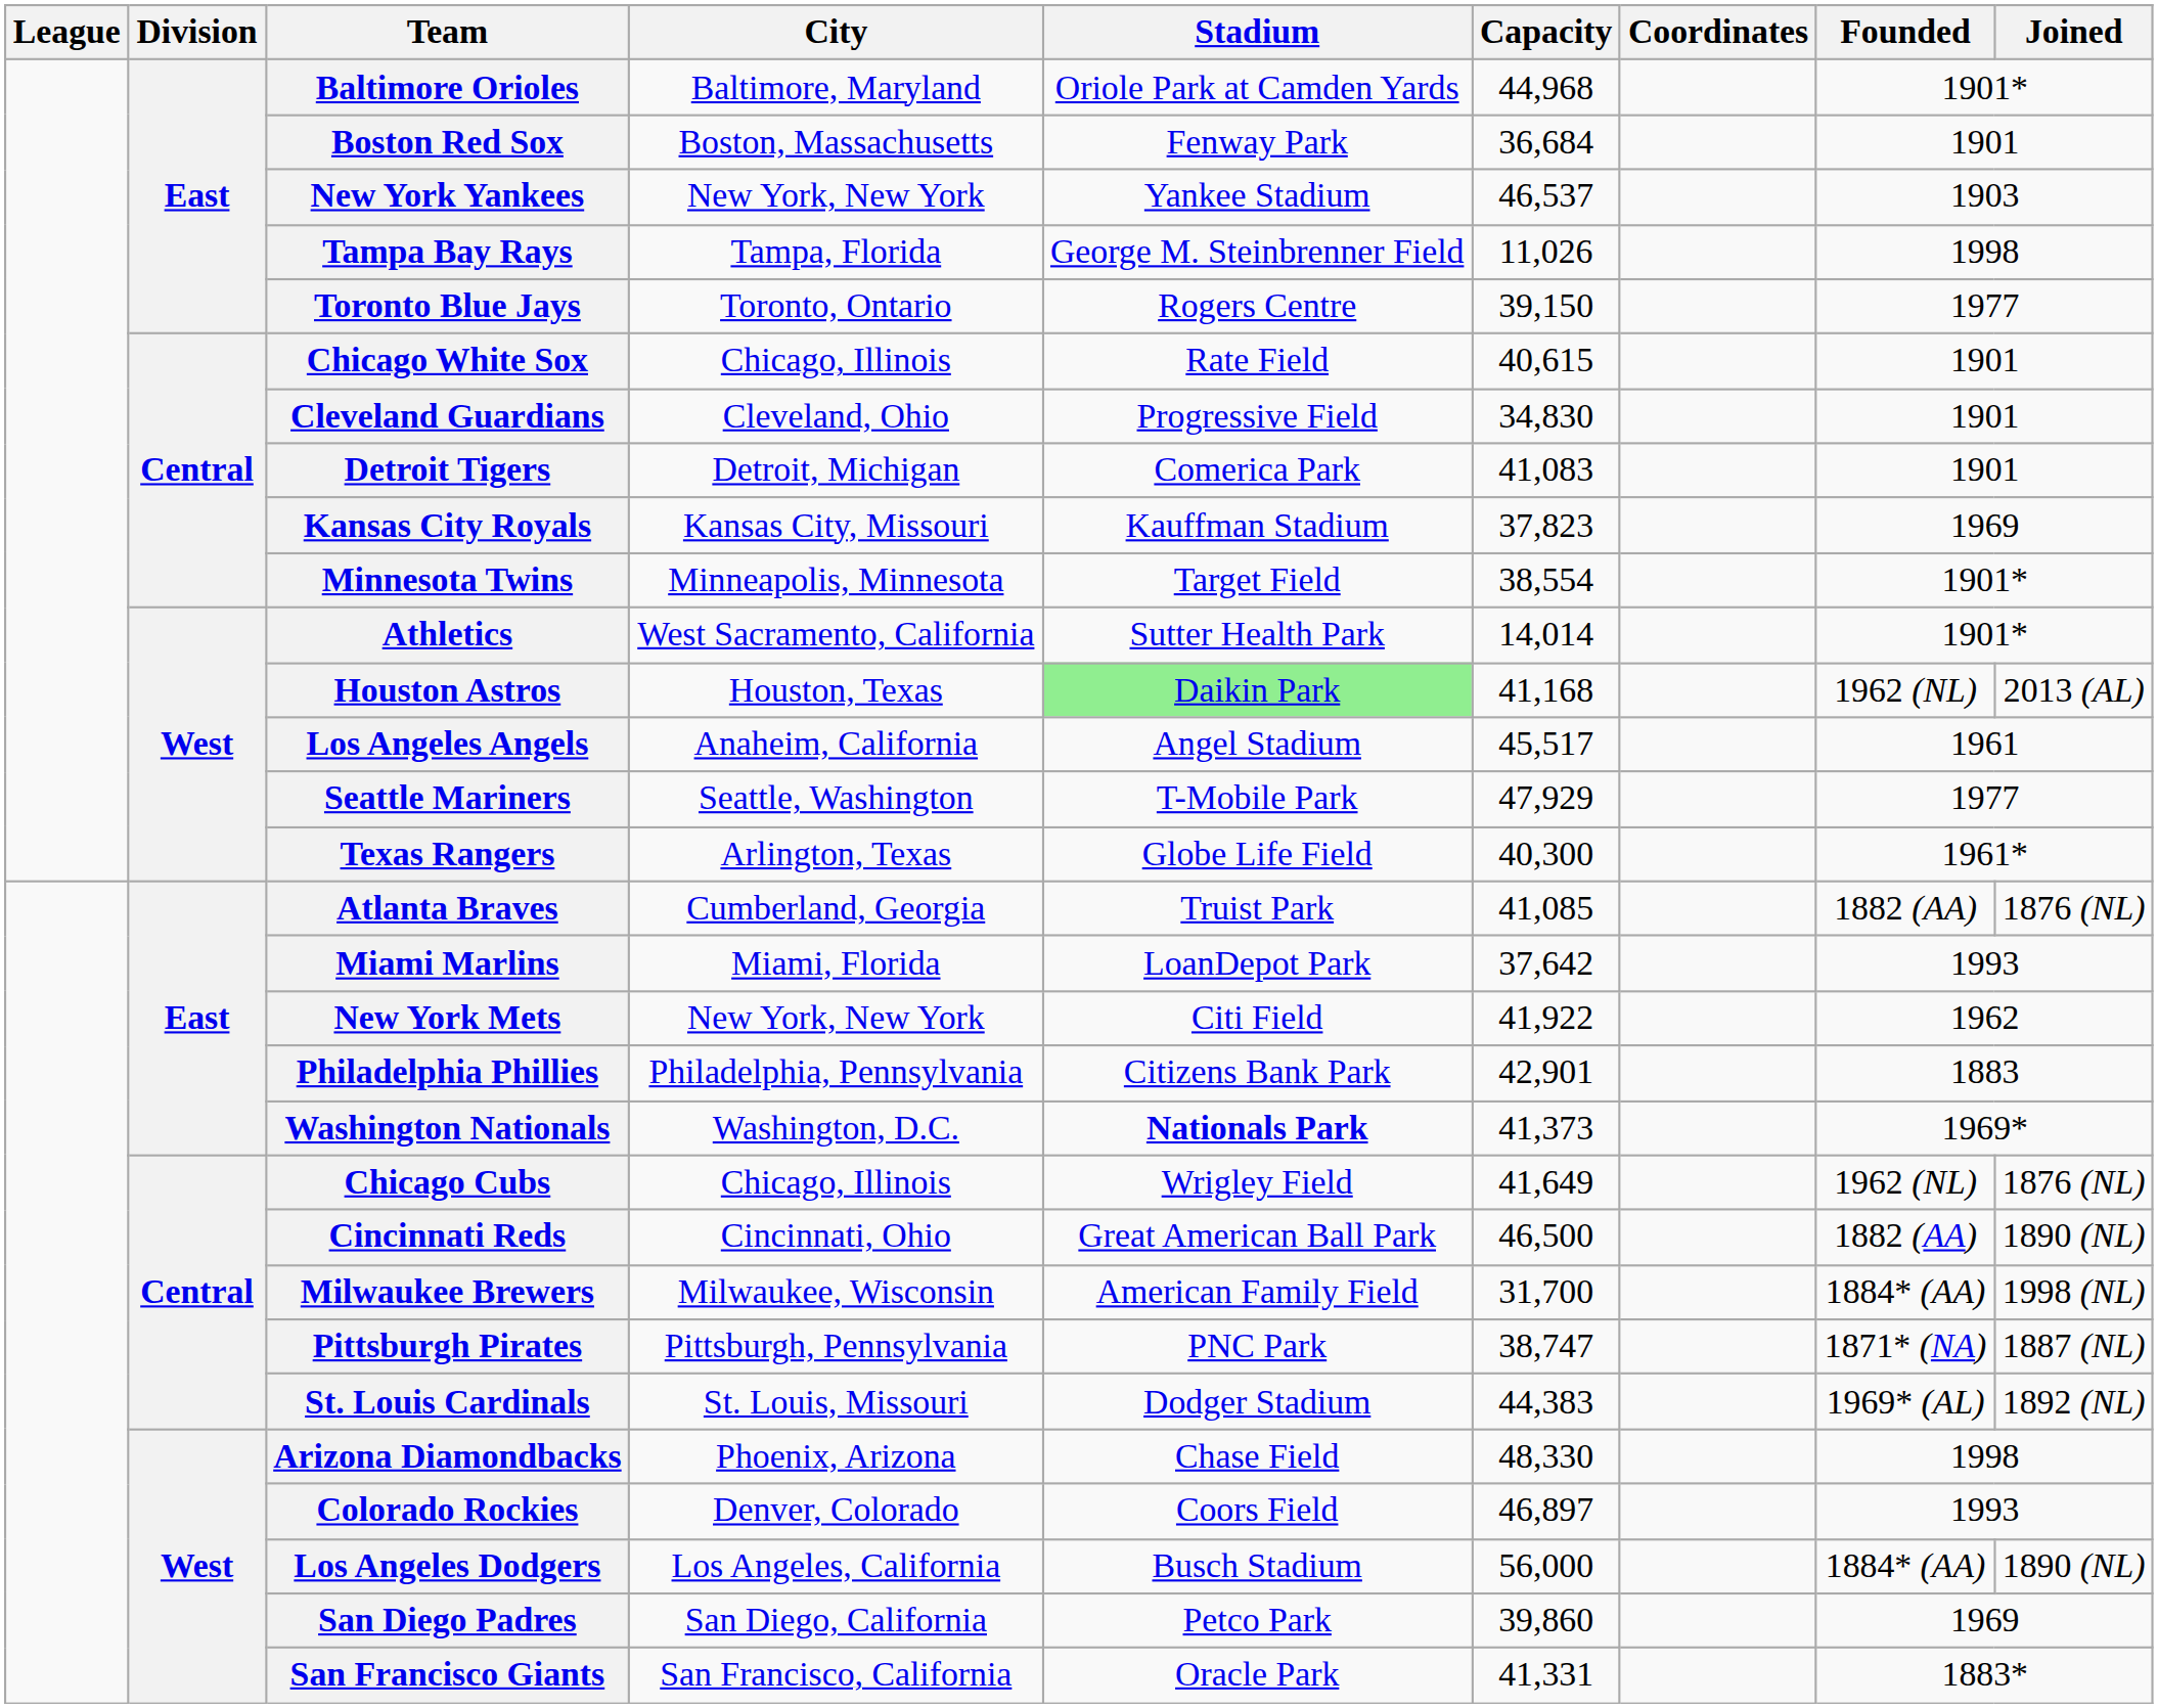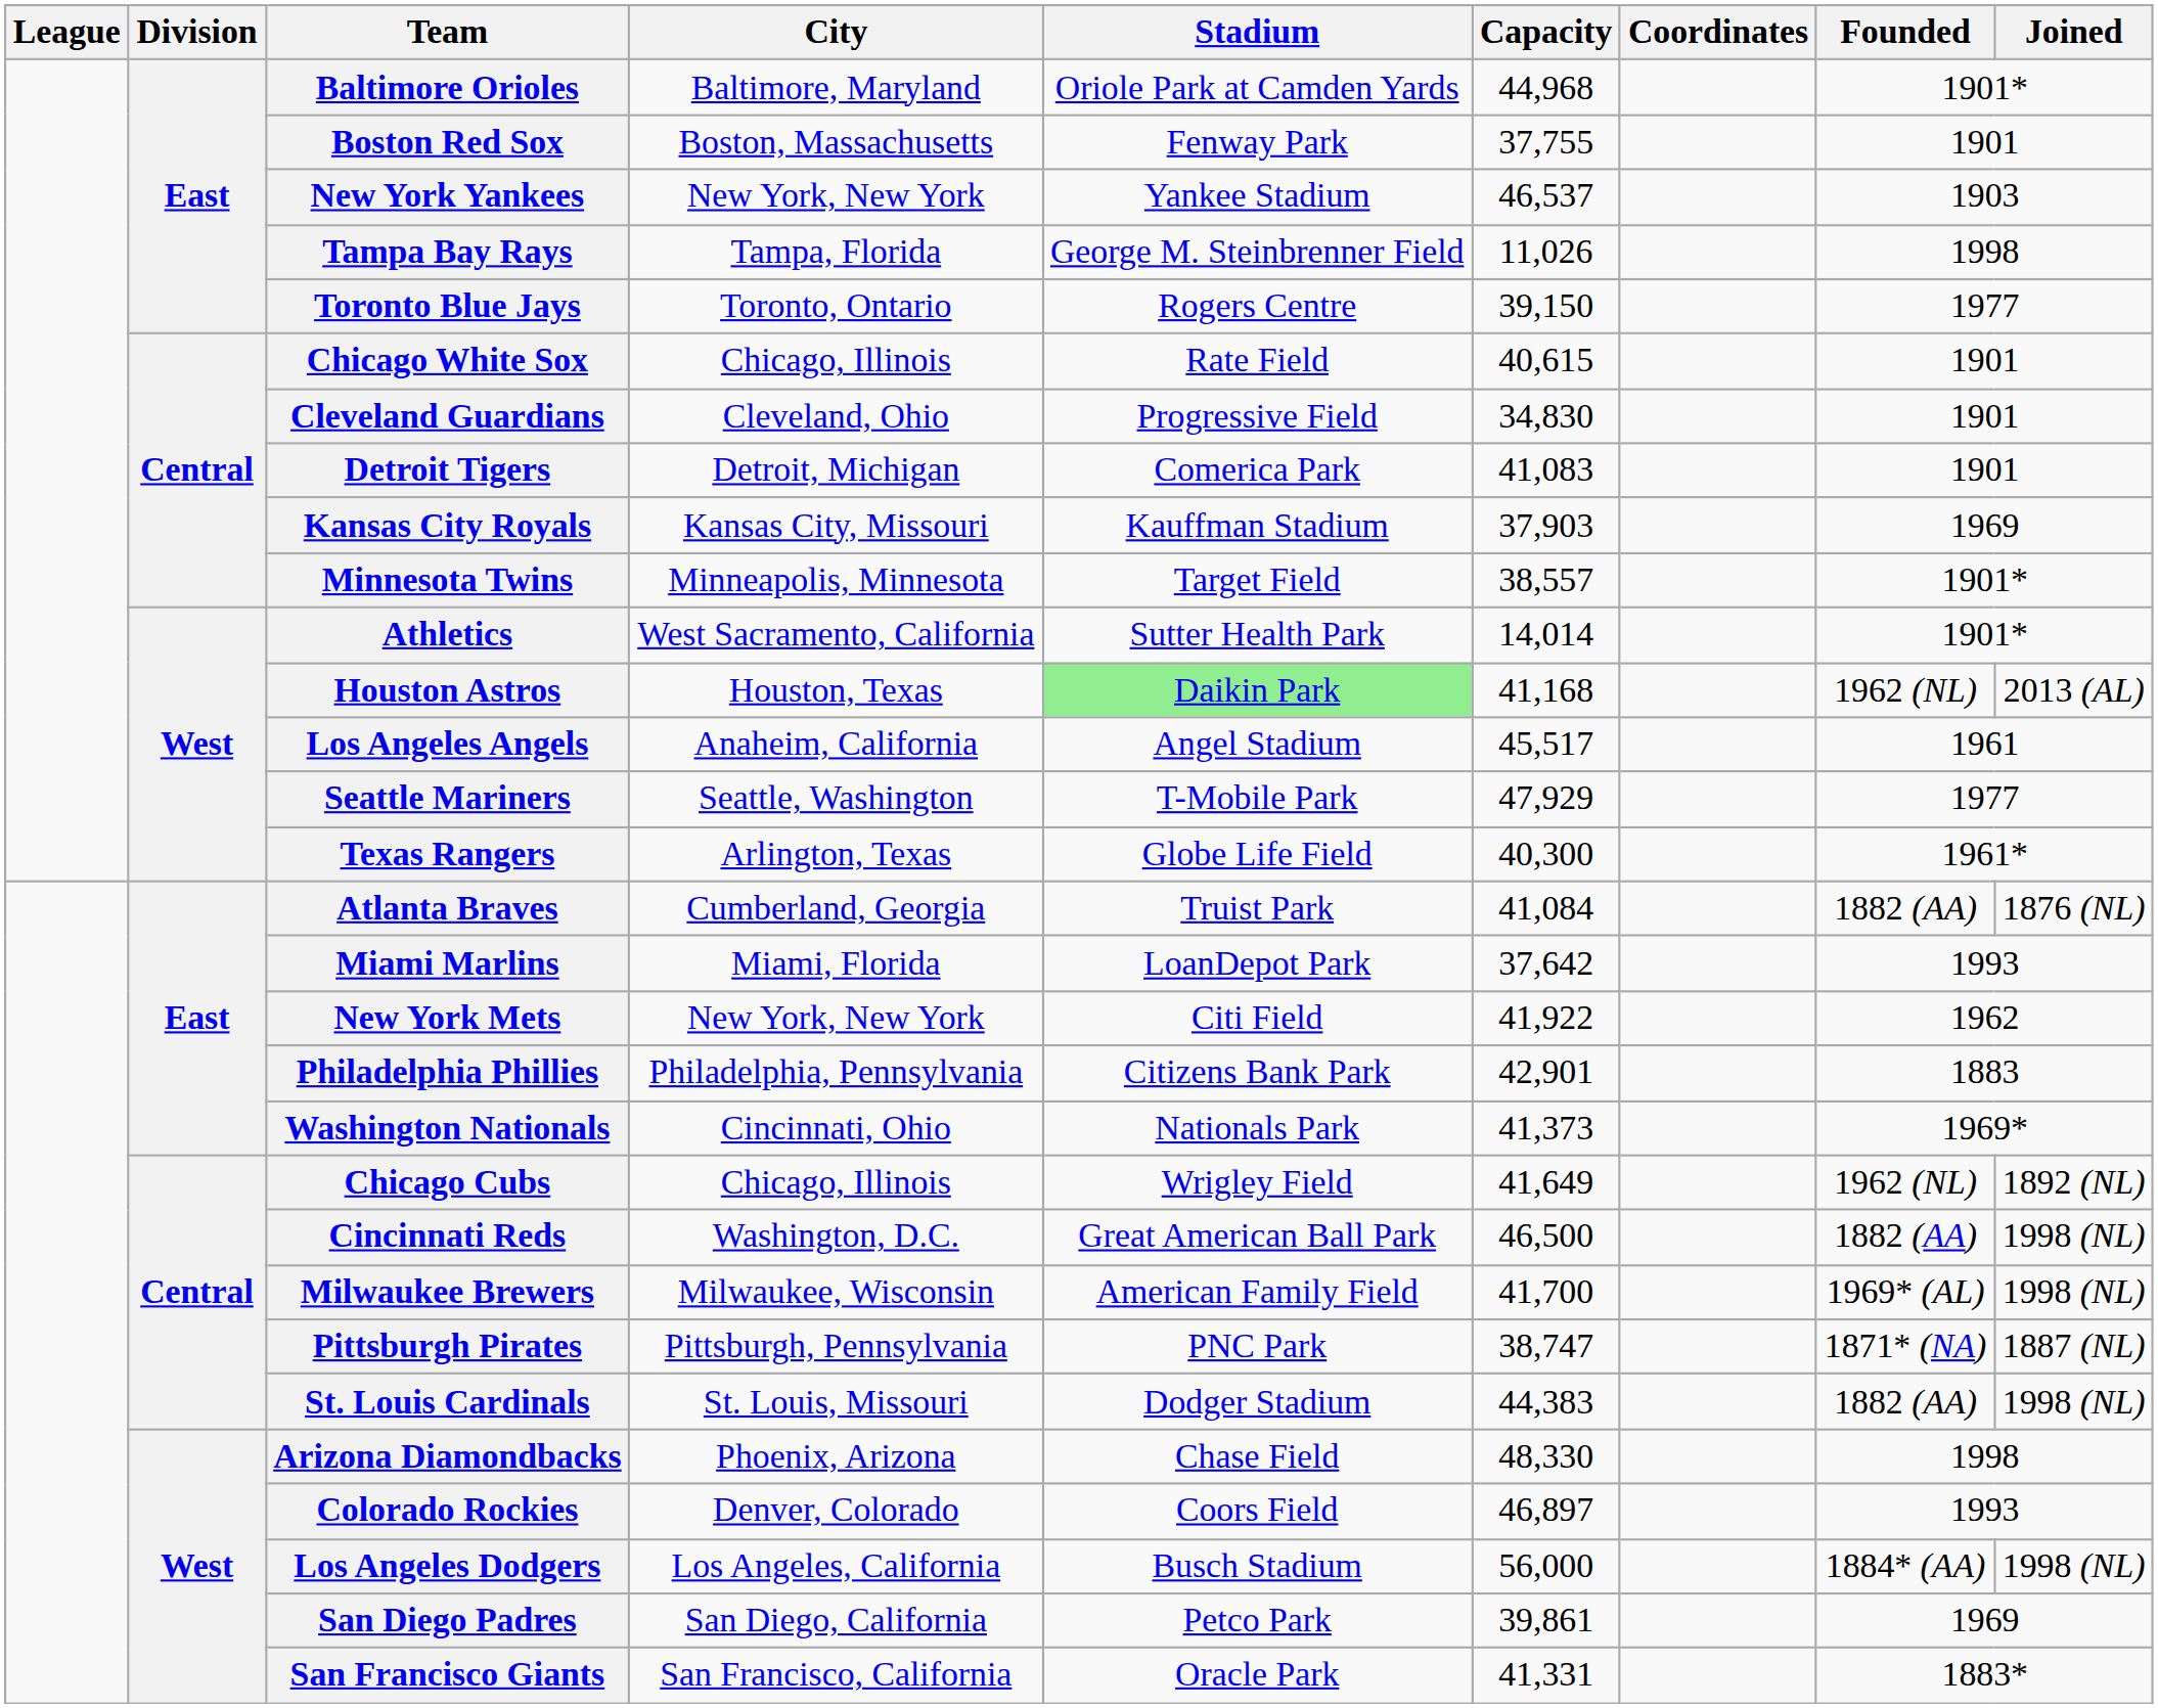 <table class="wikitable sortable plainrowheaders" style="text-align:center;">
 <tr>
 <th scope="col">League</th>
 <th scope="col">Division</th>
 <th scope="col">Team</th>
 <th scope="col">City</th>
 <th scope="col"><a href='#'>Stadium</a></th>
 <th scope="col">Capacity</th>
 <th scope="col">Coordinates</th>
 <th scope="col">Founded</th>
 <th scope="col">Joined</th>
 </tr>
 <tr>
 <td rowspan="15"><strong></strong></td>
 <th rowspan="5"><a href='#'>East</a></th>
 <th scope="row"><a href='#'>Baltimore Orioles</a></th>
 <td><a href='#'>Baltimore, Maryland</a></td>
 <td><a href='#'>Oriole Park at Camden Yards</a></td>
 <td align=center>44,968</td>
 <td></td>
 <td style="text-align:center;" colspan="2">1901*</td>
 </tr>
 <tr>
 <th scope="row"><a href='#'>Boston Red Sox</a></th>
 <td><a href='#'>Boston, Massachusetts</a></td>
 <td><a href='#'>Fenway Park</a></td>
-<td align=center>36,684</td>
+<td align=center>37,755</td>
 <td></td>
 <td style="text-align:center;" colspan="2">1901</td>
 </tr>
 <tr>
 <th scope="row"><a href='#'>New York Yankees</a></th>
 <td><a href='#'>New York, New York</a></td>
 <td><a href='#'>Yankee Stadium</a></td>
 <td align=center>46,537</td>
 <td></td>
 <td style="text-align:center;" colspan="2">1903</td>
 </tr>
 <tr>
 <th scope="row"><a href='#'>Tampa Bay Rays</a></th>
 <td><a href='#'>Tampa, Florida</a></td>
 <td><a href='#'>George M. Steinbrenner Field</a></td>
 <td align=center>11,026</td>
 <td></td>
 <td style="text-align:center;" colspan="2">1998</td>
 </tr>
 <tr>
 <th scope="row"><a href='#'>Toronto Blue Jays</a></th>
 <td><a href='#'>Toronto, Ontario</a></td>
 <td><a href='#'>Rogers Centre</a></td>
 <td align=center>39,150</td>
 <td></td>
 <td style="text-align:center;" colspan="2">1977</td>
 </tr>
 <tr>
 <th rowspan="5"><a href='#'>Central</a></th>
 <th scope="row"><a href='#'>Chicago White Sox</a></th>
 <td><a href='#'>Chicago, Illinois</a></td>
 <td><a href='#'>Rate Field</a></td>
 <td align=center>40,615</td>
 <td></td>
 <td style="text-align:center;" colspan="2">1901</td>
 </tr>
 <tr>
 <th scope="row"><a href='#'>Cleveland Guardians</a></th>
 <td><a href='#'>Cleveland, Ohio</a></td>
 <td><a href='#'>Progressive Field</a></td>
 <td align=center>34,830</td>
 <td></td>
 <td style="text-align:center;" colspan="2">1901</td>
 </tr>
 <tr>
 <th scope="row"><a href='#'>Detroit Tigers</a></th>
 <td><a href='#'>Detroit, Michigan</a></td>
 <td><a href='#'>Comerica Park</a></td>
 <td align=center>41,083</td>
 <td></td>
 <td style="text-align:center;" colspan="2">1901</td>
 </tr>
 <tr>
 <th scope="row"><a href='#'>Kansas City Royals</a></th>
 <td><a href='#'>Kansas City, Missouri</a></td>
 <td><a href='#'>Kauffman Stadium</a></td>
-<td align=center>37,823</td>
+<td align=center>37,903</td>
 <td></td>
 <td style="text-align:center;" colspan="2">1969</td>
 </tr>
 <tr>
 <th scope="row"><a href='#'>Minnesota Twins</a></th>
 <td><a href='#'>Minneapolis, Minnesota</a></td>
 <td><a href='#'>Target Field</a></td>
-<td align=center>38,554</td>
+<td align=center>38,557</td>
 <td></td>
 <td style="text-align:center;" colspan="2">1901*</td>
 </tr>
 <tr>
 <th rowspan="5"><a href='#'>West</a></th>
 <th scope="row"><a href='#'>Athletics</a></th>
 <td><a href='#'>West Sacramento, California</a></td>
 <td><a href='#'>Sutter Health Park</a></td>
 <td align=center>14,014</td>
 <td></td>
 <td style="text-align:center;" colspan="2">1901*</td>
 </tr>
 <tr>
 <th scope="row"><a href='#'>Houston Astros</a></th>
 <td><a href='#'>Houston, Texas</a></td>
 <td style="background: lightgreen;"><a href='#'>Daikin Park</a></td>
 <td align=center>41,168</td>
 <td></td>
 <td align=center>1962 <em>(NL)</em></td>
 <td align=center>2013 <em>(AL)</em></td>
 </tr>
 <tr>
 <th scope="row"><a href='#'>Los Angeles Angels</a></th>
 <td><a href='#'>Anaheim, California</a></td>
 <td><a href='#'>Angel Stadium</a></td>
 <td align=center>45,517</td>
 <td></td>
 <td style="text-align:center;" colspan="2">1961</td>
 </tr>
 <tr>
 <th scope="row"><a href='#'>Seattle Mariners</a></th>
 <td><a href='#'>Seattle, Washington</a></td>
 <td><a href='#'>T-Mobile Park</a></td>
 <td align=center>47,929</td>
 <td></td>
 <td style="text-align:center;" colspan="2">1977</td>
 </tr>
 <tr>
 <th scope="row"><a href='#'>Texas Rangers</a></th>
 <td><a href='#'>Arlington, Texas</a></td>
 <td><a href='#'>Globe Life Field</a></td>
 <td align=center>40,300</td>
 <td></td>
 <td style="text-align:center;" colspan="2">1961*</td>
 </tr>
 <tr>
 <td rowspan="15"><strong></strong></td>
 <th rowspan="5"><a href='#'>East</a></th>
 <th scope="row"><a href='#'>Atlanta Braves</a></th>
 <td><a href='#'>Cumberland, Georgia</a></td>
 <td><a href='#'>Truist Park</a></td>
-<td align=center>41,085</td>
+<td align=center>41,084</td>
 <td></td>
 <td align=center>1882 <em>(AA)</em></td>
 <td align=center>1876 <em>(NL)</em></td>
 </tr>
 <tr>
 <th scope="row"><a href='#'>Miami Marlins</a></th>
 <td><a href='#'>Miami, Florida</a></td>
 <td><a href='#'>LoanDepot Park</a></td>
 <td align=center>37,642</td>
 <td></td>
 <td style="text-align:center;" colspan="2">1993</td>
 </tr>
 <tr>
 <th scope="row"><a href='#'>New York Mets</a></th>
 <td><a href='#'>New York, New York</a></td>
 <td><a href='#'>Citi Field</a></td>
 <td align=center>41,922</td>
 <td></td>
 <td style="text-align:center;" colspan="2">1962</td>
 </tr>
 <tr>
 <th scope="row"><a href='#'>Philadelphia Phillies</a></th>
 <td><a href='#'>Philadelphia, Pennsylvania</a></td>
 <td><a href='#'>Citizens Bank Park</a></td>
 <td align=center>42,901</td>
 <td></td>
 <td style="text-align:center;" colspan="2">1883</td>
 </tr>
 <tr>
 <th scope="row"><a href='#'>Washington Nationals</a></th>
-<td><a href='#'>Washington, D.C.</a></td>
-<td><strong><a href='#'>Nationals Park</a></strong></td>
+<td><a href='#'>Cincinnati, Ohio</a></td>
+<td><a href='#'>Nationals Park</a></td>
 <td align=center>41,373</td>
 <td></td>
 <td style="text-align:center;" colspan="2">1969*</td>
 </tr>
 <tr>
 <th rowspan="5"><a href='#'>Central</a></th>
 <th scope="row"><a href='#'>Chicago Cubs</a></th>
 <td><a href='#'>Chicago, Illinois</a></td>
 <td><a href='#'>Wrigley Field</a></td>
 <td align=center>41,649</td>
 <td></td>
 <td align=center>1962 <em>(NL)</em></td>
-<td align=center>1876 <em>(NL)</em></td>
+<td align=center>1892 <em>(NL)</em></td>
 </tr>
 <tr>
 <th scope="row"><a href='#'>Cincinnati Reds</a></th>
-<td><a href='#'>Cincinnati, Ohio</a></td>
+<td><a href='#'>Washington, D.C.</a></td>
 <td><a href='#'>Great American Ball Park</a></td>
 <td align=center>46,500</td>
 <td></td>
 <td align=center>1882 <em>(<a href='#'>AA</a>)</em></td>
-<td align=center>1890 <em>(NL)</em></td>
+<td align=center>1998 <em>(NL)</em></td>
 </tr>
 <tr>
 <th scope="row"><a href='#'>Milwaukee Brewers</a></th>
 <td><a href='#'>Milwaukee, Wisconsin</a></td>
 <td><a href='#'>American Family Field</a></td>
-<td align=center>31,700</td>
+<td align=center>41,700</td>
 <td></td>
-<td align=center>1884* <em>(AA)</em></td>
+<td align=center>1969* <em>(AL)</em></td>
 <td align=center>1998 <em>(NL)</em></td>
 </tr>
 <tr>
 <th scope="row"><a href='#'>Pittsburgh Pirates</a></th>
 <td><a href='#'>Pittsburgh, Pennsylvania</a></td>
 <td><a href='#'>PNC Park</a></td>
 <td align=center>38,747</td>
 <td></td>
 <td align=center>1871* <em>(<a href='#'>NA</a>)</em></td>
 <td align=center>1887 <em>(NL)</em></td>
 </tr>
 <tr>
 <th scope="row"><a href='#'>St. Louis Cardinals</a></th>
 <td><a href='#'>St. Louis, Missouri</a></td>
 <td><a href='#'>Dodger Stadium</a></td>
 <td align=center>44,383</td>
 <td></td>
-<td align=center>1969* <em>(AL)</em></td>
-<td align=center>1892 <em>(NL)</em></td>
+<td align=center>1882 <em>(AA)</em></td>
+<td align=center>1998 <em>(NL)</em></td>
 </tr>
 <tr>
 <th rowspan="5"><a href='#'>West</a></th>
 <th scope="row"><a href='#'>Arizona Diamondbacks</a></th>
 <td><a href='#'>Phoenix, Arizona</a></td>
 <td><a href='#'>Chase Field</a></td>
 <td align=center>48,330</td>
 <td></td>
 <td style="text-align:center;" colspan="2">1998</td>
 </tr>
 <tr>
 <th scope="row"><a href='#'>Colorado Rockies</a></th>
 <td><a href='#'>Denver, Colorado</a></td>
 <td><a href='#'>Coors Field</a></td>
 <td align=center>46,897</td>
 <td></td>
 <td style="text-align:center;" colspan="2">1993</td>
 </tr>
 <tr>
 <th scope="row"><a href='#'>Los Angeles Dodgers</a></th>
 <td><a href='#'>Los Angeles, California</a></td>
 <td><a href='#'>Busch Stadium</a></td>
 <td align=center>56,000</td>
 <td></td>
 <td align=center>1884* <em>(AA)</em></td>
-<td align=center>1890 <em>(NL)</em></td>
+<td align=center>1998 <em>(NL)</em></td>
 </tr>
 <tr>
 <th scope="row"><a href='#'>San Diego Padres</a></th>
 <td><a href='#'>San Diego, California</a></td>
 <td><a href='#'>Petco Park</a></td>
-<td align=center>39,860</td>
+<td align=center>39,861</td>
 <td></td>
 <td style="text-align:center;" colspan="2">1969</td>
 </tr>
 <tr>
 <th scope="row"><a href='#'>San Francisco Giants</a></th>
 <td><a href='#'>San Francisco, California</a></td>
 <td><a href='#'>Oracle Park</a></td>
 <td align=center>41,331</td>
 <td></td>
 <td style="text-align:center;" colspan="2">1883*</td>
 </tr>
 </table>
